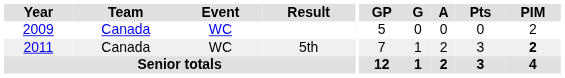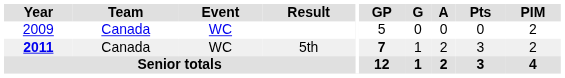 <table border="0" cellpadding="1" cellspacing="0" ID="Table3" style="text-align:center; width:40em;">
 <tr bgcolor="#e0e0e0">
 <th>Year</th>
 <th>Team</th>
 <th>Event</th>
 <th>Result</th>
 <th rowspan="99" bgcolor="#ffffff"></th>
 <th>GP</th>
 <th>G</th>
 <th>A</th>
 <th>Pts</th>
 <th>PIM</th>
 </tr>
 <tr>
 <td><a href='#'>2009</a></td>
 <td><a href='#'>Canada</a></td>
 <td><a href='#'>WC</a></td>
 <td></td>
 <td>5</td>
 <td>0</td>
 <td>0</td>
 <td>0</td>
 <td>2</td>
 </tr>
 <tr bgcolor="#f0f0f0">
-<td><a href='#'>2011</a></td>
+<td><strong><a href='#'>2011</a></strong></td>
 <td>Canada</td>
 <td>WC</td>
 <td>5th</td>
-<td>7</td>
+<td><strong>7</strong></td>
 <td>1</td>
 <td>2</td>
 <td>3</td>
-<td><strong>2</strong></td>
+<td>2</td>
 </tr>
 <tr bgcolor="#e0e0e0">
 <th colspan="4">Senior totals</th>
 <th>12</th>
 <th>1</th>
 <th>2</th>
 <th>3</th>
 <th>4</th>
 </tr>
 </table>
